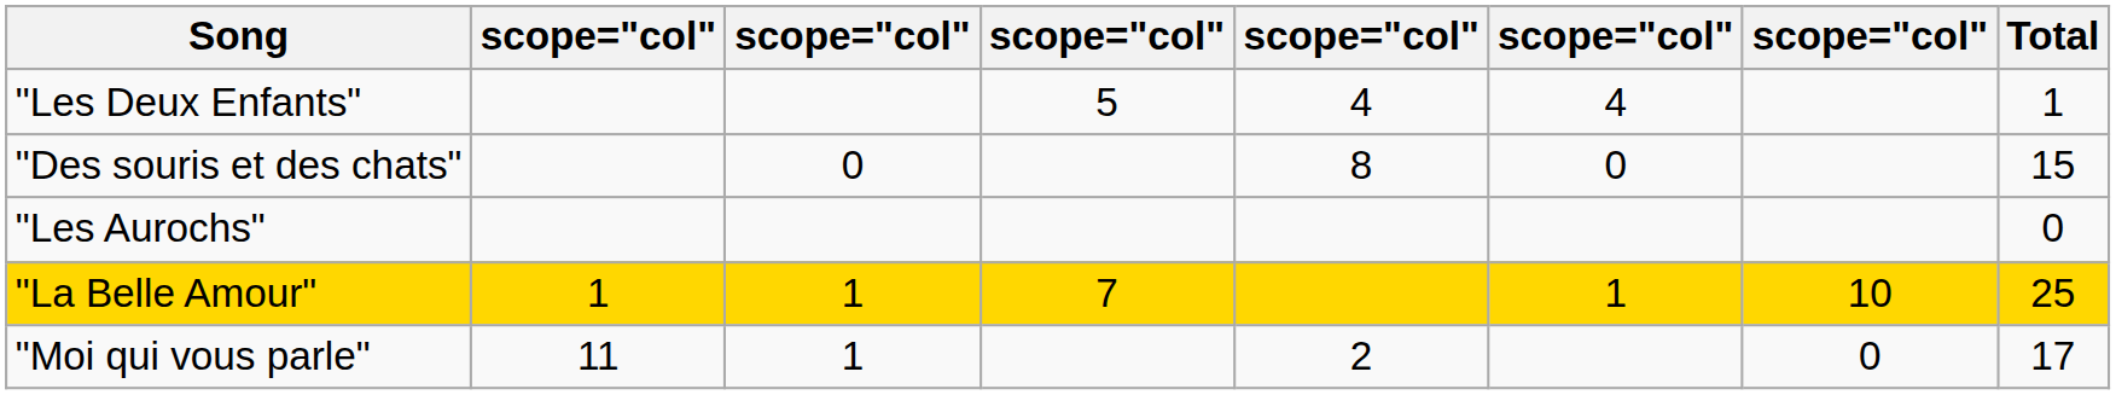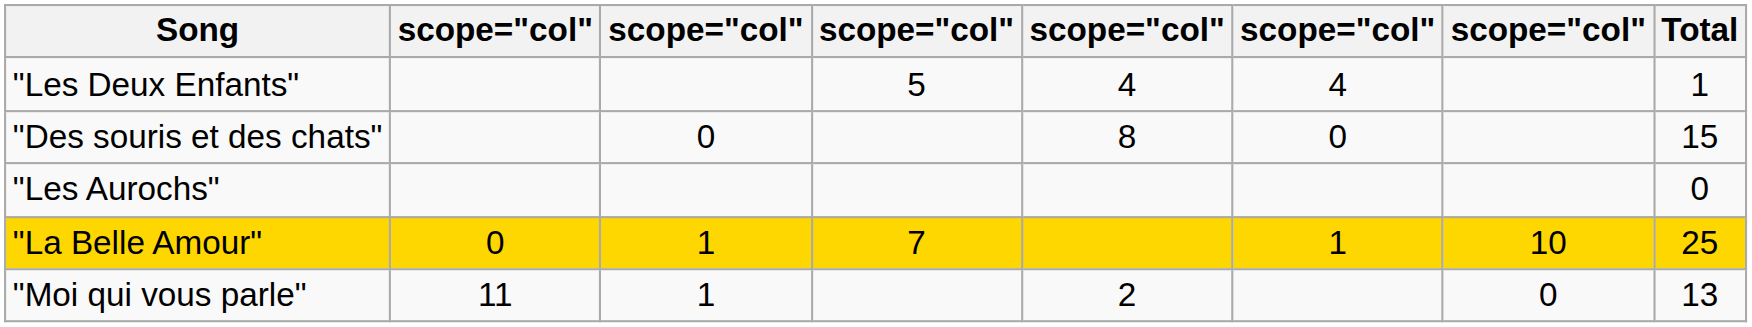 <table class="wikitable plainrowheaders" style="margin: 1em auto 1em auto; text-align:center;">
 <tr>
 <th scope="col">Song</th>
 <th>scope="col" </th>
 <th>scope="col" </th>
 <th>scope="col" </th>
 <th>scope="col" </th>
 <th>scope="col" </th>
 <th>scope="col" </th>
 <th scope="col">Total</th>
 </tr>
 <tr>
 <td align="left">"Les Deux Enfants"</td>
 <td></td>
 <td></td>
 <td>5</td>
 <td>4</td>
 <td>4</td>
 <td></td>
 <td>1</td>
 </tr>
 <tr>
 <td align="left">"Des souris et des chats"</td>
 <td></td>
 <td>0</td>
 <td></td>
 <td>8</td>
 <td>0</td>
 <td></td>
 <td>15</td>
 </tr>
 <tr>
 <td align="left">"Les Aurochs"</td>
 <td></td>
 <td></td>
 <td></td>
 <td></td>
 <td></td>
 <td></td>
 <td>0</td>
 </tr>
 <tr style="background:gold">
 <td align="left">"La Belle Amour"</td>
-<td>1</td>
+<td>0</td>
 <td>1</td>
 <td>7</td>
 <td></td>
 <td>1</td>
 <td>10</td>
 <td>25</td>
 </tr>
 <tr>
 <td align="left">"Moi qui vous parle"</td>
 <td>11</td>
 <td>1</td>
 <td></td>
 <td>2</td>
 <td></td>
 <td>0</td>
-<td>17</td>
+<td>13</td>
 </tr>
 </table>
